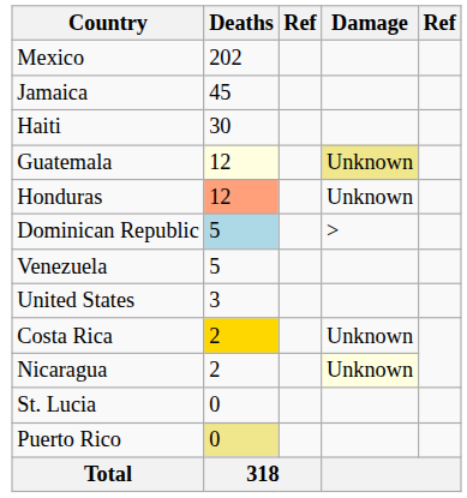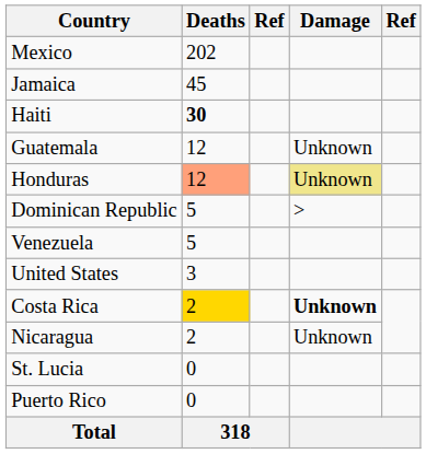 <table class="wikitable" align="right">
 <tr>
 <th>Country</th>
 <th>Deaths</th>
 <th>Ref</th>
 <th>Damage</th>
 <th>Ref</th>
 </tr>
 <tr>
 <td>Mexico</td>
 <td>202</td>
 <td></td>
 <td></td>
 <td></td>
 </tr>
 <tr>
 <td>Jamaica</td>
 <td>45</td>
 <td></td>
 <td></td>
 <td></td>
 </tr>
 <tr>
 <td>Haiti</td>
-<td>30</td>
+<td><strong>30</strong></td>
 <td></td>
 <td></td>
 <td></td>
 </tr>
 <tr>
 <td>Guatemala</td>
-<td style="background: lightyellow;">12</td>
+<td>12</td>
 <td></td>
-<td style="background: khaki;">Unknown</td>
+<td>Unknown</td>
 <td></td>
 </tr>
 <tr>
 <td>Honduras</td>
 <td style="background: lightsalmon;">12</td>
 <td></td>
-<td>Unknown</td>
+<td style="background: khaki;">Unknown</td>
 <td></td>
 </tr>
 <tr>
 <td>Dominican Republic</td>
-<td style="background: lightblue;">5</td>
+<td>5</td>
 <td></td>
 <td>></td>
 <td></td>
 </tr>
 <tr>
 <td>Venezuela</td>
 <td>5</td>
 <td></td>
 <td></td>
 </tr>
 <tr>
 <td>United States</td>
 <td>3</td>
 <td></td>
 <td></td>
 <td></td>
 </tr>
 <tr>
 <td>Costa Rica</td>
 <td style="background: gold;">2</td>
 <td></td>
-<td>Unknown</td>
+<td><strong>Unknown</strong></td>
 </tr>
 <tr>
 <td>Nicaragua</td>
 <td>2</td>
 <td></td>
-<td style="background: lightyellow;">Unknown</td>
+<td>Unknown</td>
 </tr>
 <tr>
 <td>St. Lucia</td>
 <td>0</td>
 <td></td>
 <td></td>
 <td></td>
 </tr>
 <tr>
 <td>Puerto Rico</td>
-<td style="background: khaki;">0</td>
+<td>0</td>
 <td></td>
 <td></td>
 <td></td>
 </tr>
 <tr>
 <th>Total</th>
 <th colspan=2>318</th>
 <th colspan=2></th>
 </tr>
 </table>
